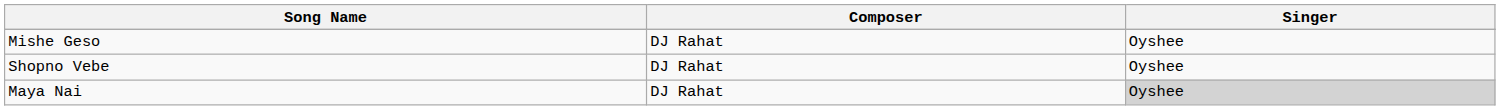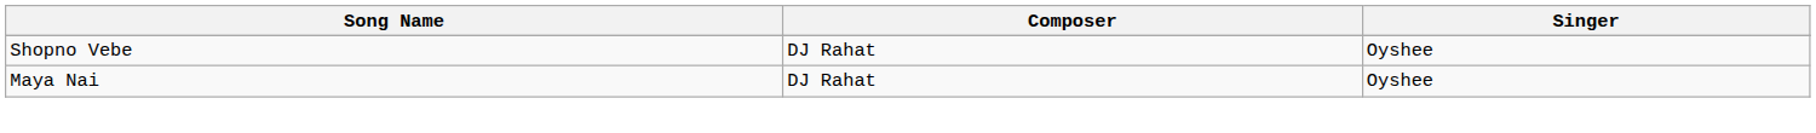 <table class="wikitable sortable collapsible" style="width: 100%;">
 <tr>
 <th style="*background:d0e5f5;">Song Name</th>
 <th style="*background:d0e5f5;">Composer</th>
 <th style="*background:d0e5f5;">Singer</th>
 </tr>
 <tr>
 </tr>
 <tr>
-<td>Mishe Geso</td>
-<td>DJ Rahat</td>
-<td>Oyshee</td>
-</tr>
-<tr>
 <td>Shopno Vebe</td>
 <td>DJ Rahat</td>
 <td>Oyshee</td>
 </tr>
 <tr>
 <td>Maya Nai</td>
 <td>DJ Rahat</td>
-<td style="background: lightgrey;">Oyshee</td>
+<td>Oyshee</td>
 </tr>
 </table>
